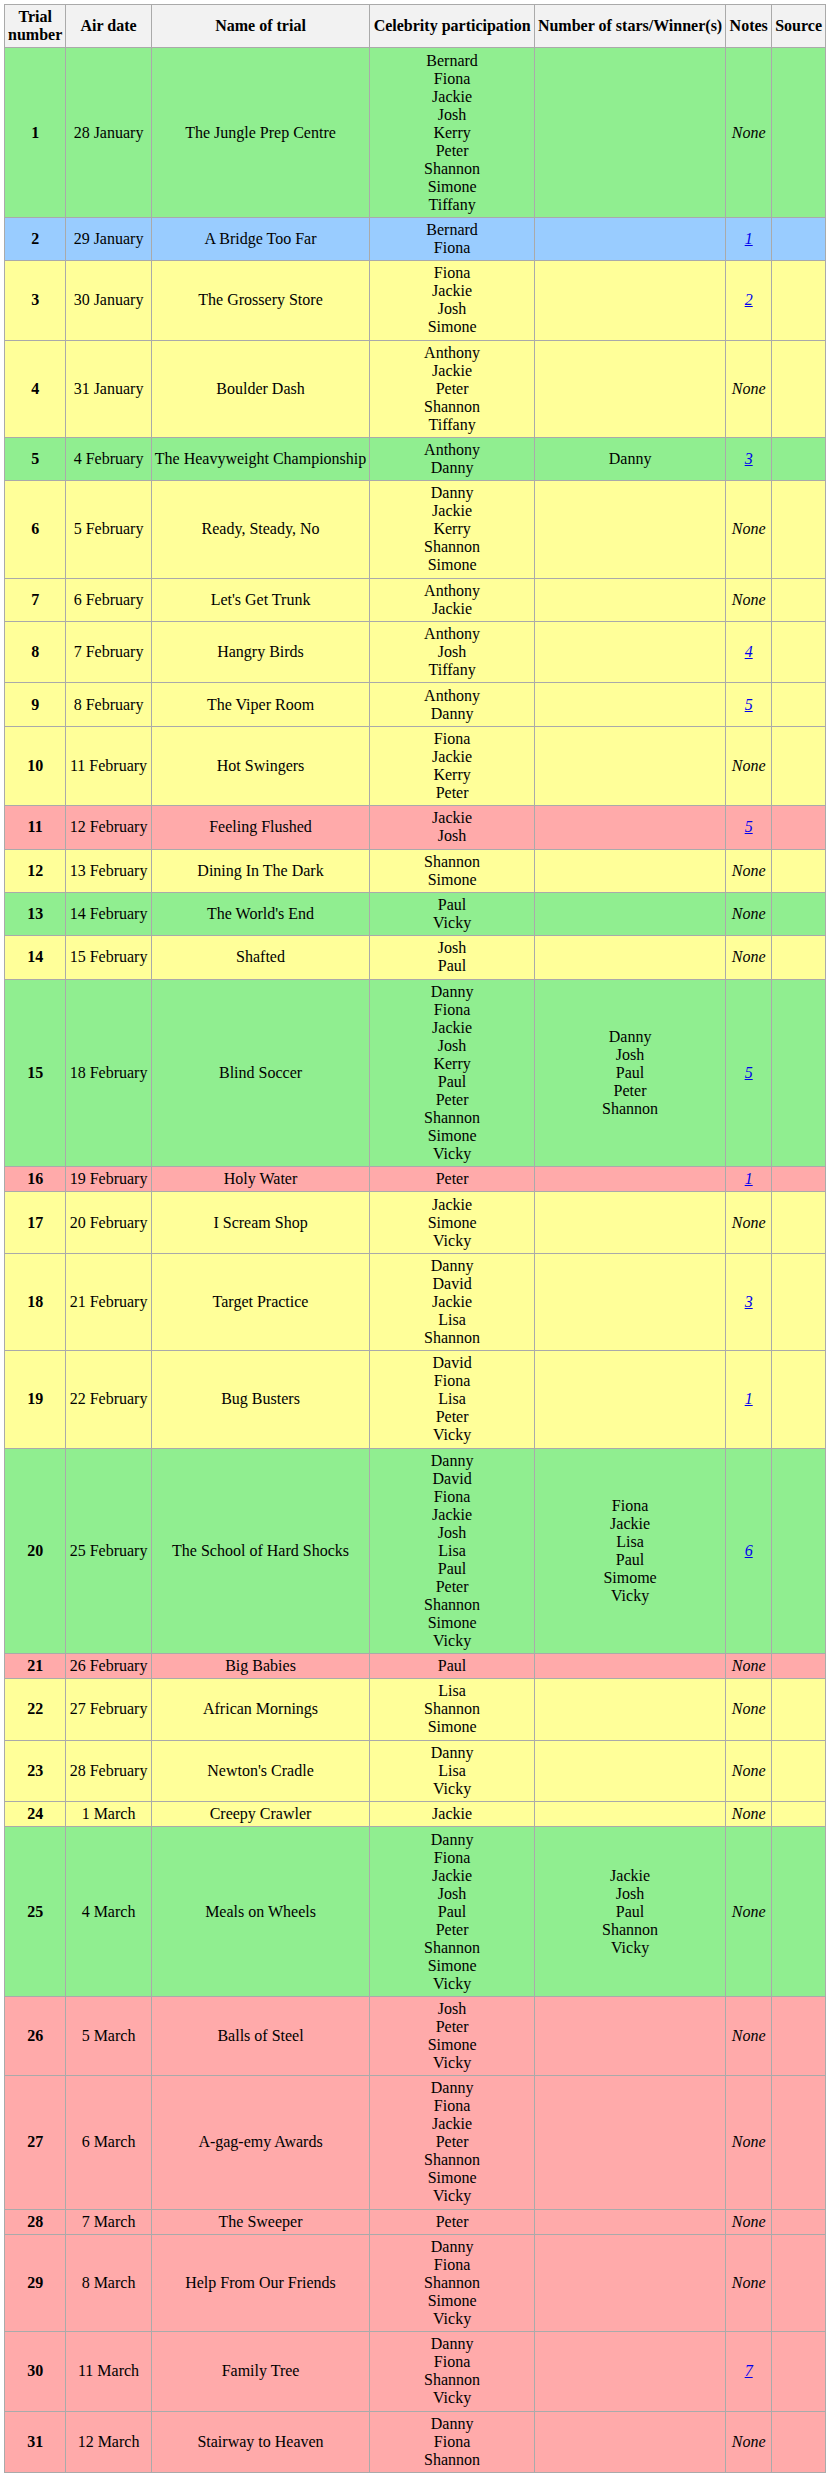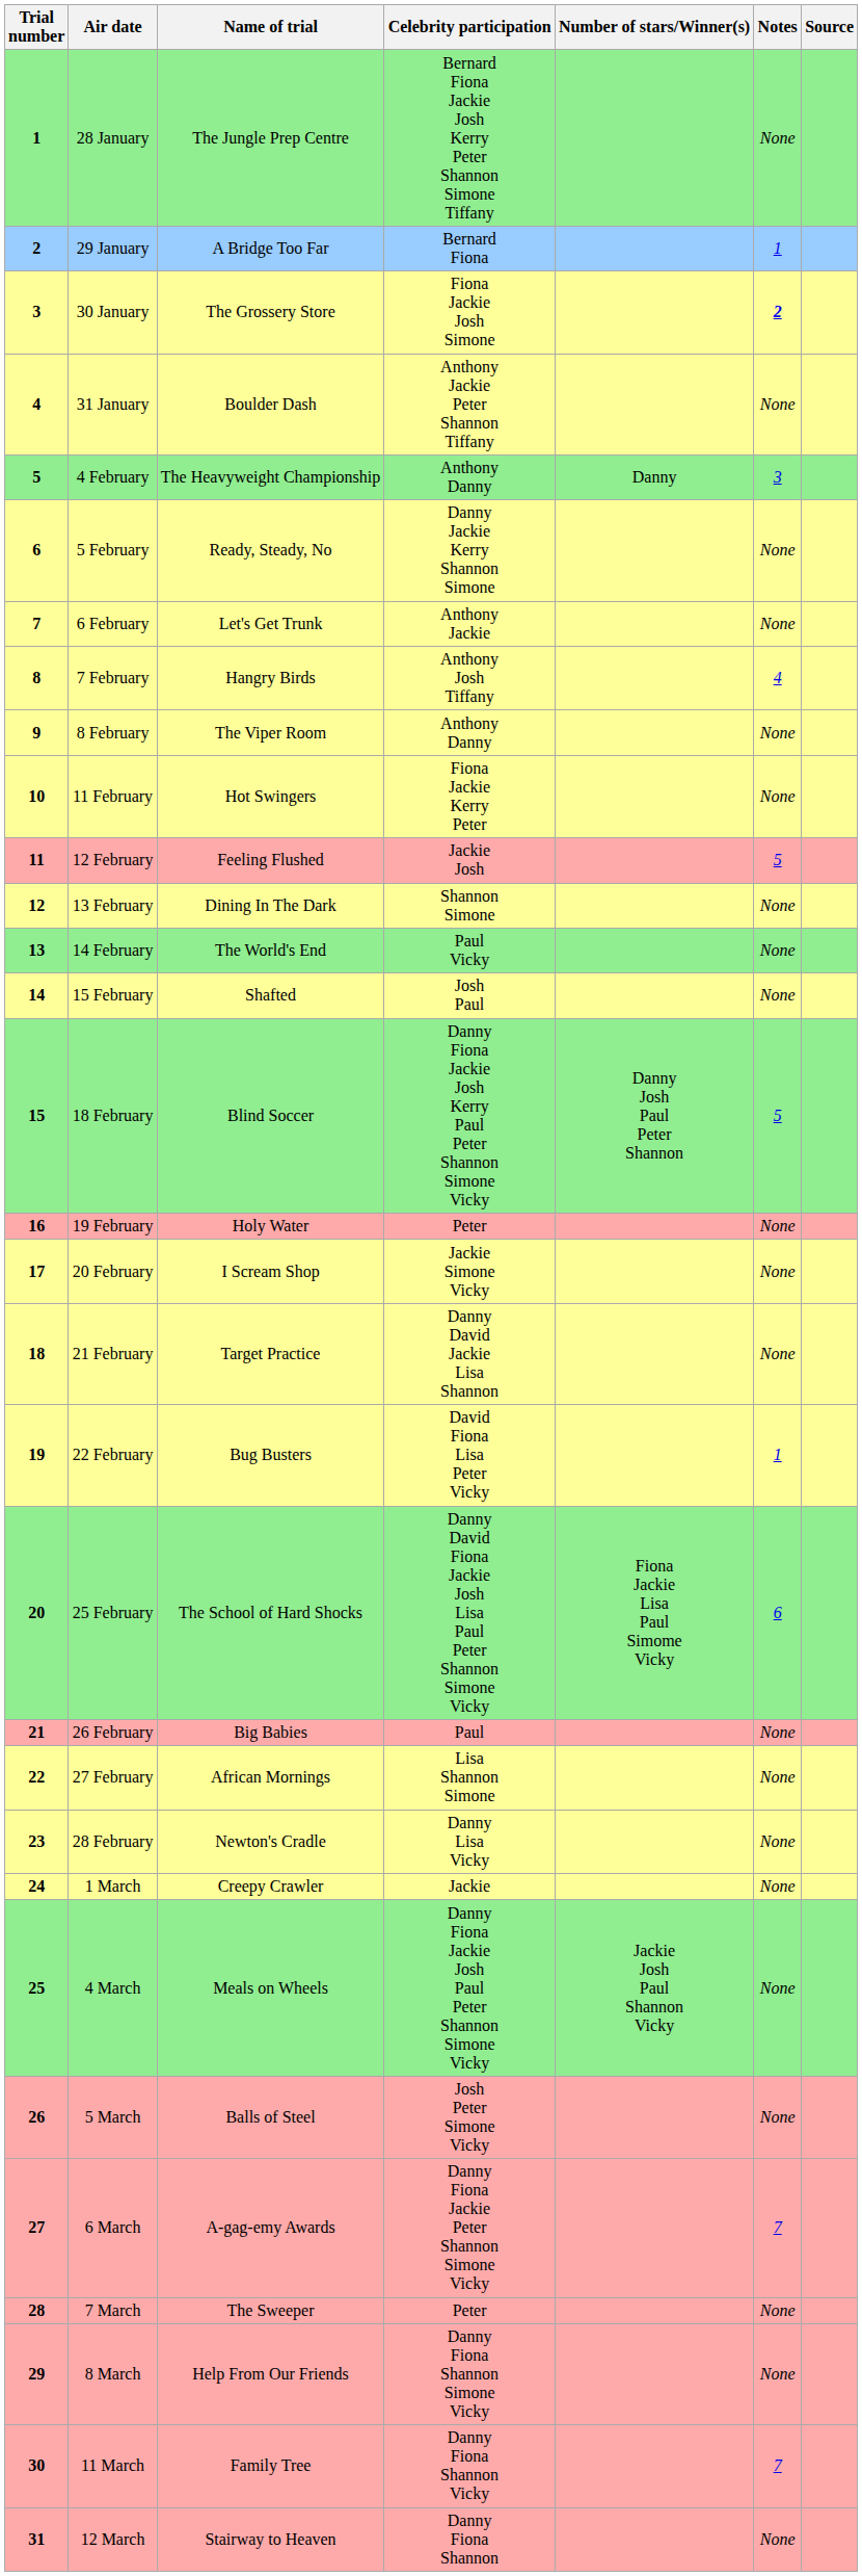 <table class="wikitable" style="margin:auto; text-align:center;">
 <tr>
 <th scope="col">Trial<br>number</th>
 <th scope="col">Air date</th>
 <th scope="col">Name of trial</th>
 <th scope="col">Celebrity participation</th>
 <th scope="col">Number of stars/Winner(s)</th>
 <th scope="col">Notes</th>
 <th scope="col">Source</th>
 </tr>
 <tr style="background:lightgreen">
 <td><strong>1</strong></td>
 <td>28 January</td>
 <td>The Jungle Prep Centre</td>
 <td>Bernard<br>Fiona<br>Jackie<br>Josh<br>Kerry<br>Peter<br>Shannon<br>Simone<br>Tiffany</td>
 <td></td>
 <td><em>None</em></td>
 <td></td>
 </tr>
 <tr style="background:#99CCFF">
 <td><strong>2</strong></td>
 <td>29 January</td>
 <td>A Bridge Too Far</td>
 <td>Bernard<br>Fiona</td>
 <td></td>
 <td><em><a href='#'>1</a></em></td>
 <td></td>
 </tr>
 <tr style="background:#FFFF99">
 <td><strong>3</strong></td>
 <td>30 January</td>
 <td>The Grossery Store</td>
 <td>Fiona<br>Jackie<br>Josh<br>Simone</td>
 <td></td>
-<td><em><a href='#'>2</a></em></td>
+<td><strong><em><a href='#'>2</a></em></strong></td>
 <td></td>
 </tr>
 <tr style="background:#FFFF99">
 <td><strong>4</strong></td>
 <td>31 January</td>
 <td>Boulder Dash</td>
 <td>Anthony<br>Jackie<br>Peter<br>Shannon<br>Tiffany</td>
 <td></td>
 <td><em>None</em></td>
 <td></td>
 </tr>
 <tr style="background:lightgreen">
 <td><strong>5</strong></td>
 <td>4 February</td>
 <td>The Heavyweight Championship</td>
 <td>Anthony<br>Danny</td>
 <td>Danny</td>
 <td><em><a href='#'>3</a></em></td>
 <td></td>
 </tr>
 <tr style="background:#FFFF99">
 <td><strong>6</strong></td>
 <td>5 February</td>
 <td>Ready, Steady, No</td>
 <td>Danny<br>Jackie<br>Kerry<br>Shannon<br>Simone</td>
 <td></td>
 <td><em>None</em></td>
 <td></td>
 </tr>
 <tr style="background:#FFFF99">
 <td><strong>7</strong></td>
 <td>6 February</td>
 <td>Let's Get Trunk</td>
 <td>Anthony<br>Jackie</td>
 <td></td>
 <td><em>None</em></td>
 <td></td>
 </tr>
 <tr style="background:#FFFF99">
 <td><strong>8</strong></td>
 <td>7 February</td>
 <td>Hangry Birds</td>
 <td>Anthony<br>Josh<br>Tiffany</td>
 <td></td>
 <td><em><a href='#'>4</a></em></td>
 <td></td>
 </tr>
 <tr style="background:#FFFF99">
 <td><strong>9</strong></td>
 <td>8 February</td>
 <td>The Viper Room</td>
 <td>Anthony<br>Danny</td>
 <td></td>
-<td><em><a href='#'>5</a></em></td>
+<td><em>None</em></td>
 <td></td>
 </tr>
 <tr style="background:#FFFF99">
 <td><strong>10</strong></td>
 <td>11 February</td>
 <td>Hot Swingers</td>
 <td>Fiona<br>Jackie<br>Kerry<br>Peter</td>
 <td></td>
 <td><em>None</em></td>
 <td></td>
 </tr>
 <tr style="background:#ffaaaa">
 <td><strong>11</strong></td>
 <td>12 February</td>
 <td>Feeling Flushed</td>
 <td>Jackie<br>Josh</td>
 <td></td>
 <td><em><a href='#'>5</a></em></td>
 <td></td>
 </tr>
 <tr style="background:#FFFF99">
 <td><strong>12</strong></td>
 <td>13 February</td>
 <td>Dining In The Dark</td>
 <td>Shannon<br>Simone</td>
 <td></td>
 <td><em>None</em></td>
 <td></td>
 </tr>
 <tr style="background:lightgreen">
 <td><strong>13</strong></td>
 <td>14 February</td>
 <td>The World's End</td>
 <td>Paul<br>Vicky</td>
 <td></td>
 <td><em>None</em></td>
 <td></td>
 </tr>
 <tr style="background:#FFFF99">
 <td><strong>14</strong></td>
 <td>15 February</td>
 <td>Shafted</td>
 <td>Josh<br>Paul</td>
 <td></td>
 <td><em>None</em></td>
 <td></td>
 </tr>
 <tr style="background:lightgreen">
 <td><strong>15</strong></td>
 <td>18 February</td>
 <td>Blind Soccer</td>
 <td>Danny<br>Fiona<br>Jackie<br>Josh<br>Kerry<br>Paul<br>Peter<br>Shannon<br>Simone<br>Vicky</td>
 <td>Danny<br>Josh<br>Paul<br>Peter<br>Shannon</td>
 <td><em><a href='#'>5</a></em></td>
 <td></td>
 </tr>
 <tr style="background:#ffaaaa">
 <td><strong>16</strong></td>
 <td>19 February</td>
 <td>Holy Water</td>
 <td>Peter</td>
 <td></td>
-<td><em><a href='#'>1</a></em></td>
+<td><em>None</em></td>
 <td></td>
 </tr>
 <tr style="background:#FFFF99">
 <td><strong>17</strong></td>
 <td>20 February</td>
 <td>I Scream Shop</td>
 <td>Jackie<br>Simone<br>Vicky</td>
 <td></td>
 <td><em>None</em></td>
 <td></td>
 </tr>
 <tr style="background:#FFFF99">
 <td><strong>18</strong></td>
 <td>21 February</td>
 <td>Target Practice</td>
 <td>Danny<br>David<br>Jackie<br>Lisa<br>Shannon</td>
 <td></td>
-<td><em><a href='#'>3</a></em></td>
+<td><em>None</em></td>
 <td></td>
 </tr>
 <tr style="background:#FFFF99">
 <td><strong>19</strong></td>
 <td>22 February</td>
 <td>Bug Busters</td>
 <td>David<br>Fiona<br>Lisa<br>Peter<br>Vicky</td>
 <td></td>
 <td><em><a href='#'>1</a></em></td>
 <td></td>
 </tr>
 <tr style="background:lightgreen">
 <td><strong>20</strong></td>
 <td>25 February</td>
 <td>The School of Hard Shocks</td>
 <td>Danny<br>David<br>Fiona<br>Jackie<br>Josh<br>Lisa<br>Paul<br>Peter<br>Shannon<br>Simone<br>Vicky</td>
 <td>Fiona<br>Jackie<br>Lisa<br>Paul<br>Simome<br>Vicky</td>
 <td><em><a href='#'>6</a></em></td>
 <td></td>
 </tr>
 <tr style="background:#ffaaaa">
 <td><strong>21</strong></td>
 <td>26 February</td>
 <td>Big Babies</td>
 <td>Paul</td>
 <td></td>
 <td><em>None</em></td>
 <td></td>
 </tr>
 <tr style="background:#FFFF99">
 <td><strong>22</strong></td>
 <td>27 February</td>
 <td>African Mornings</td>
 <td>Lisa<br>Shannon<br>Simone</td>
 <td></td>
 <td><em>None</em></td>
 <td></td>
 </tr>
 <tr style="background:#FFFF99">
 <td><strong>23</strong></td>
 <td>28 February</td>
 <td>Newton's Cradle</td>
 <td>Danny<br>Lisa<br>Vicky</td>
 <td></td>
 <td><em>None</em></td>
 <td></td>
 </tr>
 <tr style="background:#FFFF99">
 <td><strong>24</strong></td>
 <td>1 March</td>
 <td>Creepy Crawler</td>
 <td>Jackie</td>
 <td></td>
 <td><em>None</em></td>
 <td></td>
 </tr>
 <tr style="background:lightgreen">
 <td><strong>25</strong></td>
 <td>4 March</td>
 <td>Meals on Wheels</td>
 <td>Danny<br>Fiona<br>Jackie<br>Josh<br>Paul<br>Peter<br>Shannon<br>Simone<br>Vicky</td>
 <td>Jackie<br>Josh<br>Paul<br>Shannon<br>Vicky</td>
 <td><em>None</em></td>
 <td></td>
 </tr>
 <tr style="background:#ffaaaa">
 <td><strong>26</strong></td>
 <td>5 March</td>
 <td>Balls of Steel</td>
 <td>Josh<br>Peter<br>Simone<br>Vicky</td>
 <td></td>
 <td><em>None</em></td>
 <td></td>
 </tr>
 <tr style="background:#ffaaaa">
 <td><strong>27</strong></td>
 <td>6 March</td>
 <td>A-gag-emy Awards</td>
 <td>Danny<br>Fiona<br>Jackie<br>Peter<br>Shannon<br>Simone<br>Vicky</td>
 <td></td>
-<td><em>None</em></td>
+<td><em><a href='#'>7</a></em></td>
 <td></td>
 </tr>
 <tr style="background:#ffaaaa">
 <td><strong>28</strong></td>
 <td>7 March</td>
 <td>The Sweeper</td>
 <td>Peter</td>
 <td></td>
 <td><em>None</em></td>
 <td></td>
 </tr>
 <tr style="background:#ffaaaa">
 <td><strong>29</strong></td>
 <td>8 March</td>
 <td>Help From Our Friends</td>
 <td>Danny<br>Fiona<br>Shannon<br>Simone<br>Vicky</td>
 <td></td>
 <td><em>None</em></td>
 <td></td>
 </tr>
 <tr style="background:#ffaaaa">
 <td><strong>30</strong></td>
 <td>11 March</td>
 <td>Family Tree</td>
 <td>Danny<br>Fiona<br>Shannon<br>Vicky</td>
 <td></td>
 <td><em><a href='#'>7</a></em></td>
 <td></td>
 </tr>
 <tr style="background:#ffaaaa">
 <td><strong>31</strong></td>
 <td>12 March</td>
 <td>Stairway to Heaven</td>
 <td>Danny<br>Fiona<br>Shannon</td>
 <td></td>
 <td><em>None</em></td>
 <td></td>
 </tr>
 </table>
